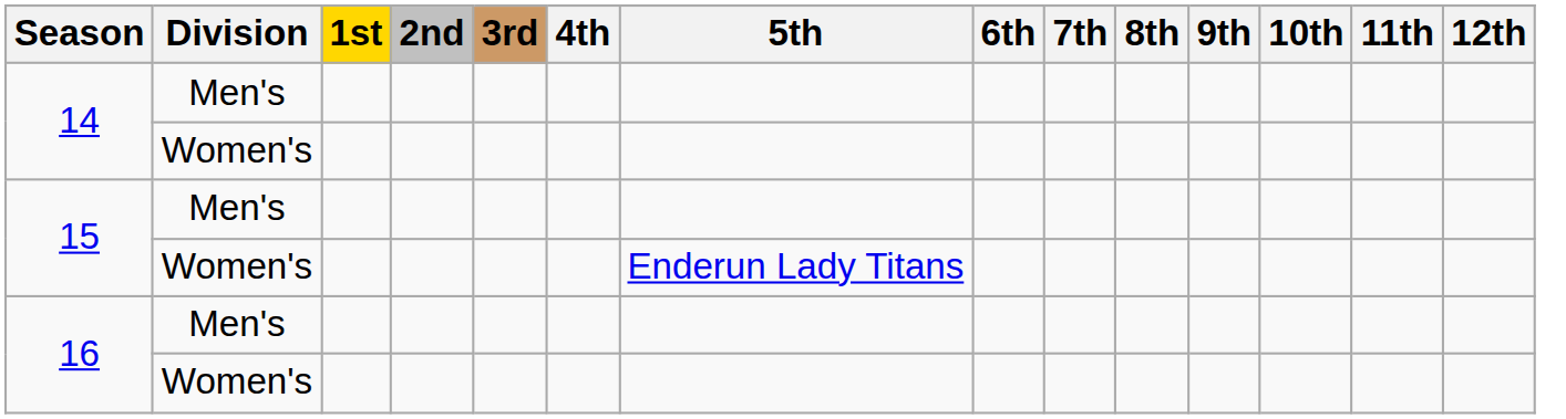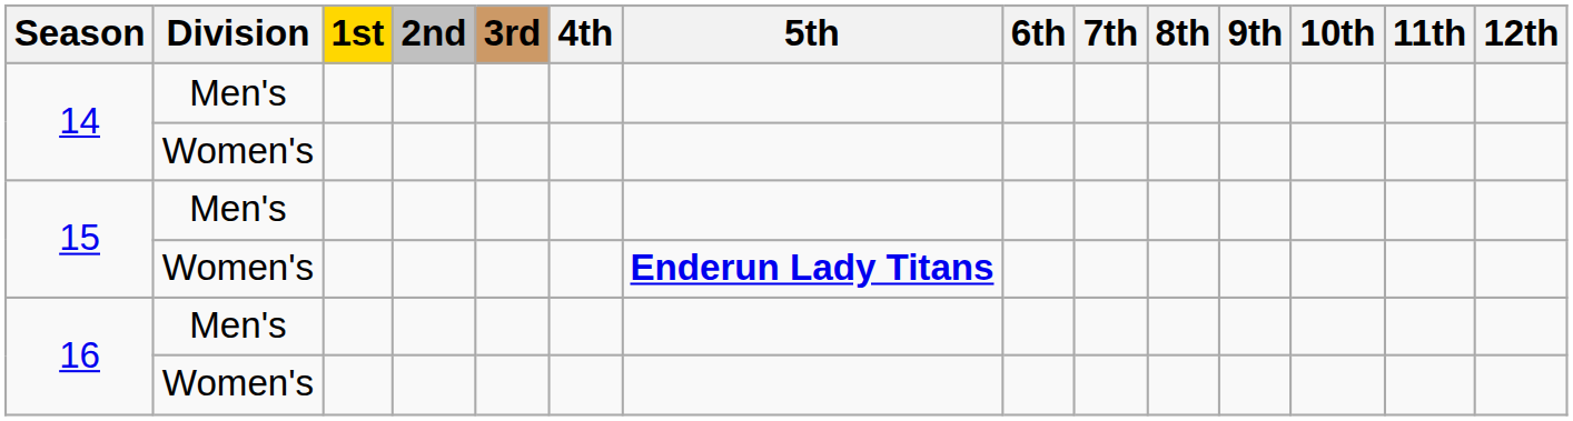 <table class="wikitable">
 <tr>
 <th>Season</th>
 <th>Division</th>
 <th style="background:gold;">1st</th>
 <th style="background:silver;">2nd</th>
 <th style="background:#CC9966;">3rd</th>
 <th>4th</th>
 <th>5th</th>
 <th>6th</th>
 <th>7th</th>
 <th>8th</th>
 <th>9th</th>
 <th>10th</th>
 <th>11th</th>
 <th>12th</th>
 </tr>
 <tr>
 <td align=center rowspan=2><a href='#'>14</a></td>
 <td align=center>Men's</td>
 <td></td>
 <td></td>
 <td></td>
 <td></td>
 <td></td>
 <td></td>
 <td></td>
 <td></td>
 <td></td>
 <td></td>
 <td></td>
 <td></td>
 </tr>
 <tr>
 <td align=center>Women's</td>
 <td></td>
 <td></td>
 <td></td>
 <td></td>
 <td></td>
 <td></td>
 <td></td>
 <td></td>
 <td></td>
 <td></td>
 <td></td>
 <td></td>
 </tr>
 <tr>
 <td align=center rowspan=2><a href='#'>15</a></td>
 <td align=center>Men's</td>
 <td></td>
 <td></td>
 <td></td>
 <td></td>
 <td></td>
 <td></td>
 <td></td>
 <td></td>
 <td></td>
 <td></td>
 <td></td>
 <td></td>
 </tr>
 <tr>
 <td align=center>Women's</td>
 <td></td>
 <td></td>
 <td></td>
 <td></td>
-<td> <a href='#'>Enderun Lady Titans</a></td>
+<td><strong> <a href='#'>Enderun Lady Titans</a></strong></td>
 <td></td>
 <td></td>
 <td></td>
 <td></td>
 <td></td>
 <td></td>
 <td></td>
 </tr>
 <tr>
 <td align=center rowspan=2><a href='#'>16</a></td>
 <td align=center>Men's</td>
 <td></td>
 <td></td>
 <td></td>
 <td></td>
 <td></td>
 <td></td>
 <td></td>
 <td></td>
 <td></td>
 <td></td>
 <td></td>
 <td></td>
 </tr>
 <tr>
 <td align=center>Women's</td>
 <td></td>
 <td></td>
 <td></td>
 <td></td>
 <td></td>
 <td></td>
 <td></td>
 <td></td>
 <td></td>
 <td></td>
 <td></td>
 <td></td>
 </tr>
 </table>
